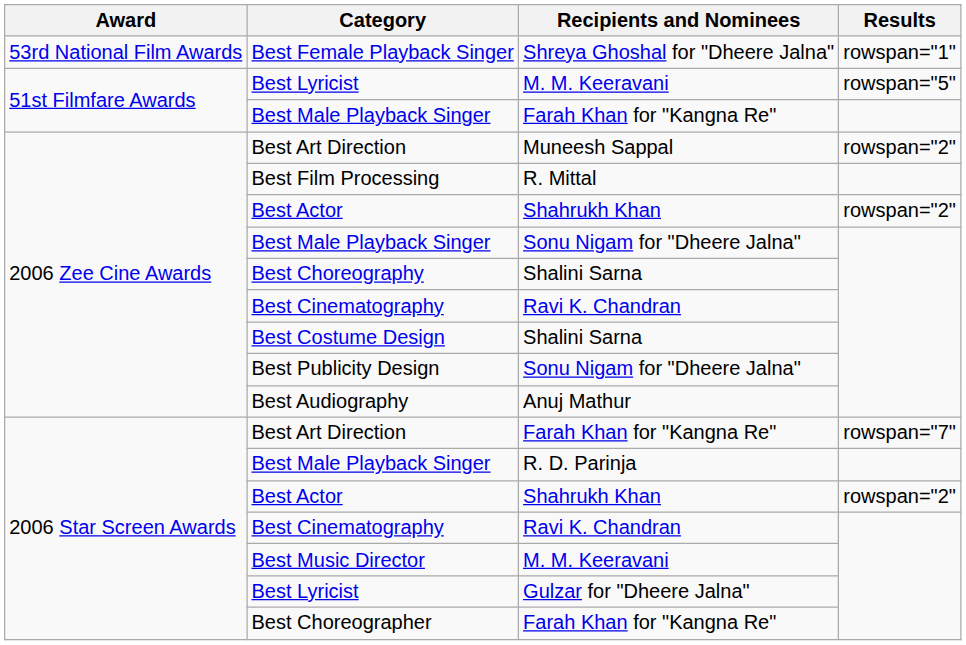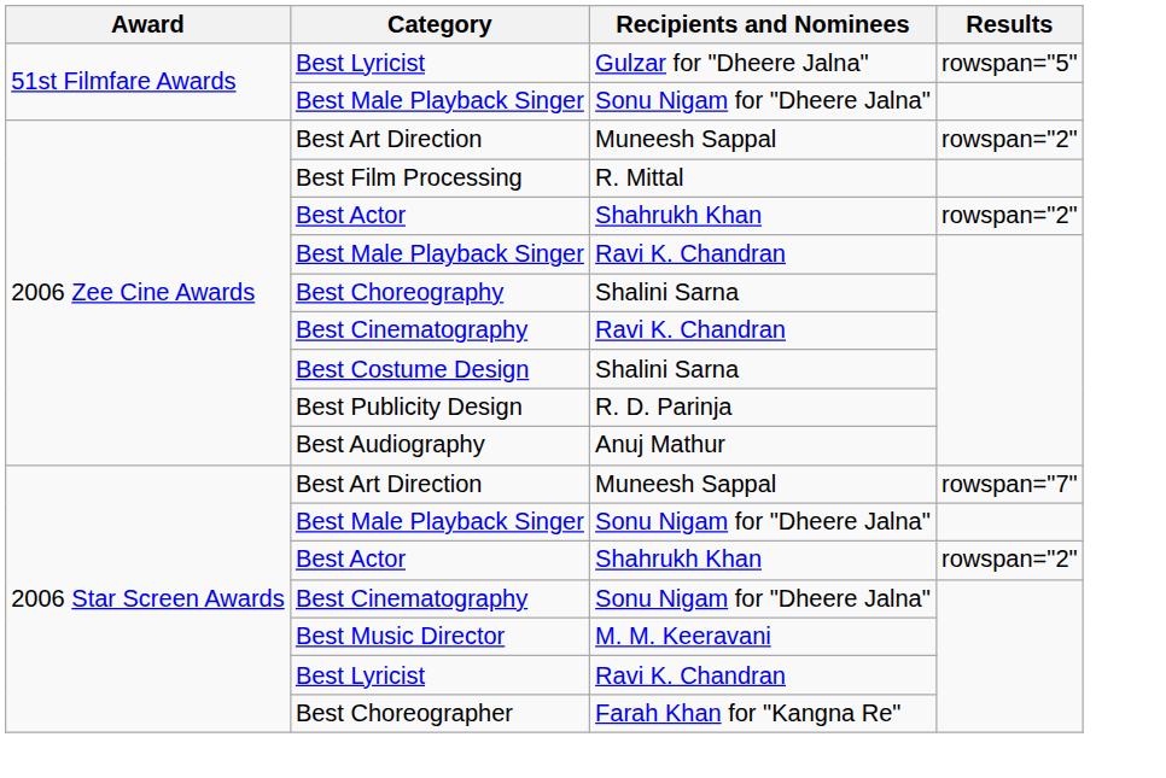 <table class="wikitable plainrowheaders sortable">
 <tr>
 <th>Award</th>
 <th>Category</th>
 <th>Recipients and Nominees</th>
 <th>Results</th>
 </tr>
 <tr>
-<td><a href='#'>53rd National Film Awards</a></td>
-<td><a href='#'>Best Female Playback Singer</a></td>
-<td><a href='#'>Shreya Ghoshal</a> for "Dheere Jalna"</td>
-<td>rowspan="1" </td>
-</tr>
-<tr>
 <td rowspan="2"><a href='#'>51st Filmfare Awards</a></td>
 <td><a href='#'>Best Lyricist</a></td>
-<td><a href='#'>M. M. Keeravani</a></td>
+<td><a href='#'>Gulzar</a> for "Dheere Jalna"</td>
 <td>rowspan="5" </td>
 </tr>
 <tr>
 <td><a href='#'>Best Male Playback Singer</a></td>
-<td><a href='#'>Farah Khan</a> for "Kangna Re"</td>
+<td><a href='#'>Sonu Nigam</a> for "Dheere Jalna"</td>
 </tr>
 <tr>
 <td rowspan="9">2006 <a href='#'>Zee Cine Awards</a></td>
 <td>Best Art Direction</td>
 <td>Muneesh Sappal</td>
 <td>rowspan="2" </td>
 </tr>
 <tr>
 <td>Best Film Processing</td>
 <td>R. Mittal</td>
 </tr>
 <tr>
 <td><a href='#'>Best Actor</a></td>
 <td><a href='#'>Shahrukh Khan</a></td>
 <td>rowspan="2" </td>
 </tr>
 <tr>
 <td><a href='#'>Best Male Playback Singer</a></td>
-<td><a href='#'>Sonu Nigam</a> for "Dheere Jalna"</td>
+<td><a href='#'>Ravi K. Chandran</a></td>
 </tr>
 <tr>
 <td><a href='#'>Best Choreography</a></td>
 <td>Shalini Sarna</td>
 </tr>
 <tr>
 <td><a href='#'>Best Cinematography</a></td>
 <td><a href='#'>Ravi K. Chandran</a></td>
 </tr>
 <tr>
 <td><a href='#'>Best Costume Design</a></td>
 <td>Shalini Sarna</td>
 </tr>
 <tr>
 <td>Best Publicity Design</td>
-<td><a href='#'>Sonu Nigam</a> for "Dheere Jalna"</td>
+<td>R. D. Parinja</td>
 </tr>
 <tr>
 <td>Best Audiography</td>
 <td>Anuj Mathur</td>
 </tr>
 <tr>
 <td rowspan="7">2006 <a href='#'>Star Screen Awards</a></td>
 <td>Best Art Direction</td>
-<td><a href='#'>Farah Khan</a> for "Kangna Re"</td>
+<td>Muneesh Sappal</td>
 <td>rowspan="7" </td>
 </tr>
 <tr>
 <td><a href='#'>Best Male Playback Singer</a></td>
-<td>R. D. Parinja</td>
+<td><a href='#'>Sonu Nigam</a> for "Dheere Jalna"</td>
 </tr>
 <tr>
 <td><a href='#'>Best Actor</a></td>
 <td><a href='#'>Shahrukh Khan</a></td>
 <td>rowspan="2" </td>
 </tr>
 <tr>
 <td><a href='#'>Best Cinematography</a></td>
-<td><a href='#'>Ravi K. Chandran</a></td>
+<td><a href='#'>Sonu Nigam</a> for "Dheere Jalna"</td>
 </tr>
 <tr>
 <td><a href='#'>Best Music Director</a></td>
 <td><a href='#'>M. M. Keeravani</a></td>
 </tr>
 <tr>
 <td><a href='#'>Best Lyricist</a></td>
-<td><a href='#'>Gulzar</a> for "Dheere Jalna"</td>
+<td><a href='#'>Ravi K. Chandran</a></td>
 </tr>
 <tr>
 <td>Best Choreographer</td>
 <td><a href='#'>Farah Khan</a> for "Kangna Re"</td>
 </tr>
 </table>
